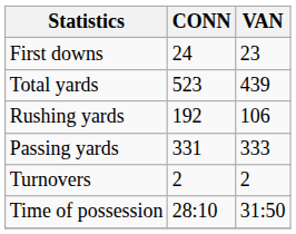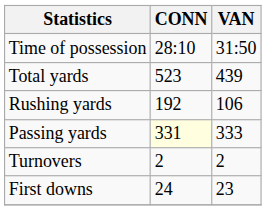 <table class="wikitable" style="float: left;">
 <tr>
 <th>Statistics</th>
 <th>CONN</th>
 <th>VAN</th>
 </tr>
 <tr>
-<td>First downs</td>
-<td>24</td>
-<td>23</td>
+<td>Time of possession</td>
+<td>28:10</td>
+<td>31:50</td>
 </tr>
 <tr>
 <td>Total yards</td>
 <td>523</td>
 <td>439</td>
 </tr>
 <tr>
 <td>Rushing yards</td>
 <td>192</td>
 <td>106</td>
 </tr>
 <tr>
 <td>Passing yards</td>
-<td>331</td>
+<td style="background: lightyellow;">331</td>
 <td>333</td>
 </tr>
 <tr>
 <td>Turnovers</td>
 <td>2</td>
 <td>2</td>
 </tr>
 <tr>
-<td>Time of possession</td>
-<td>28:10</td>
-<td>31:50</td>
+<td>First downs</td>
+<td>24</td>
+<td>23</td>
 </tr>
 <tr>
 </tr>
 </table>
